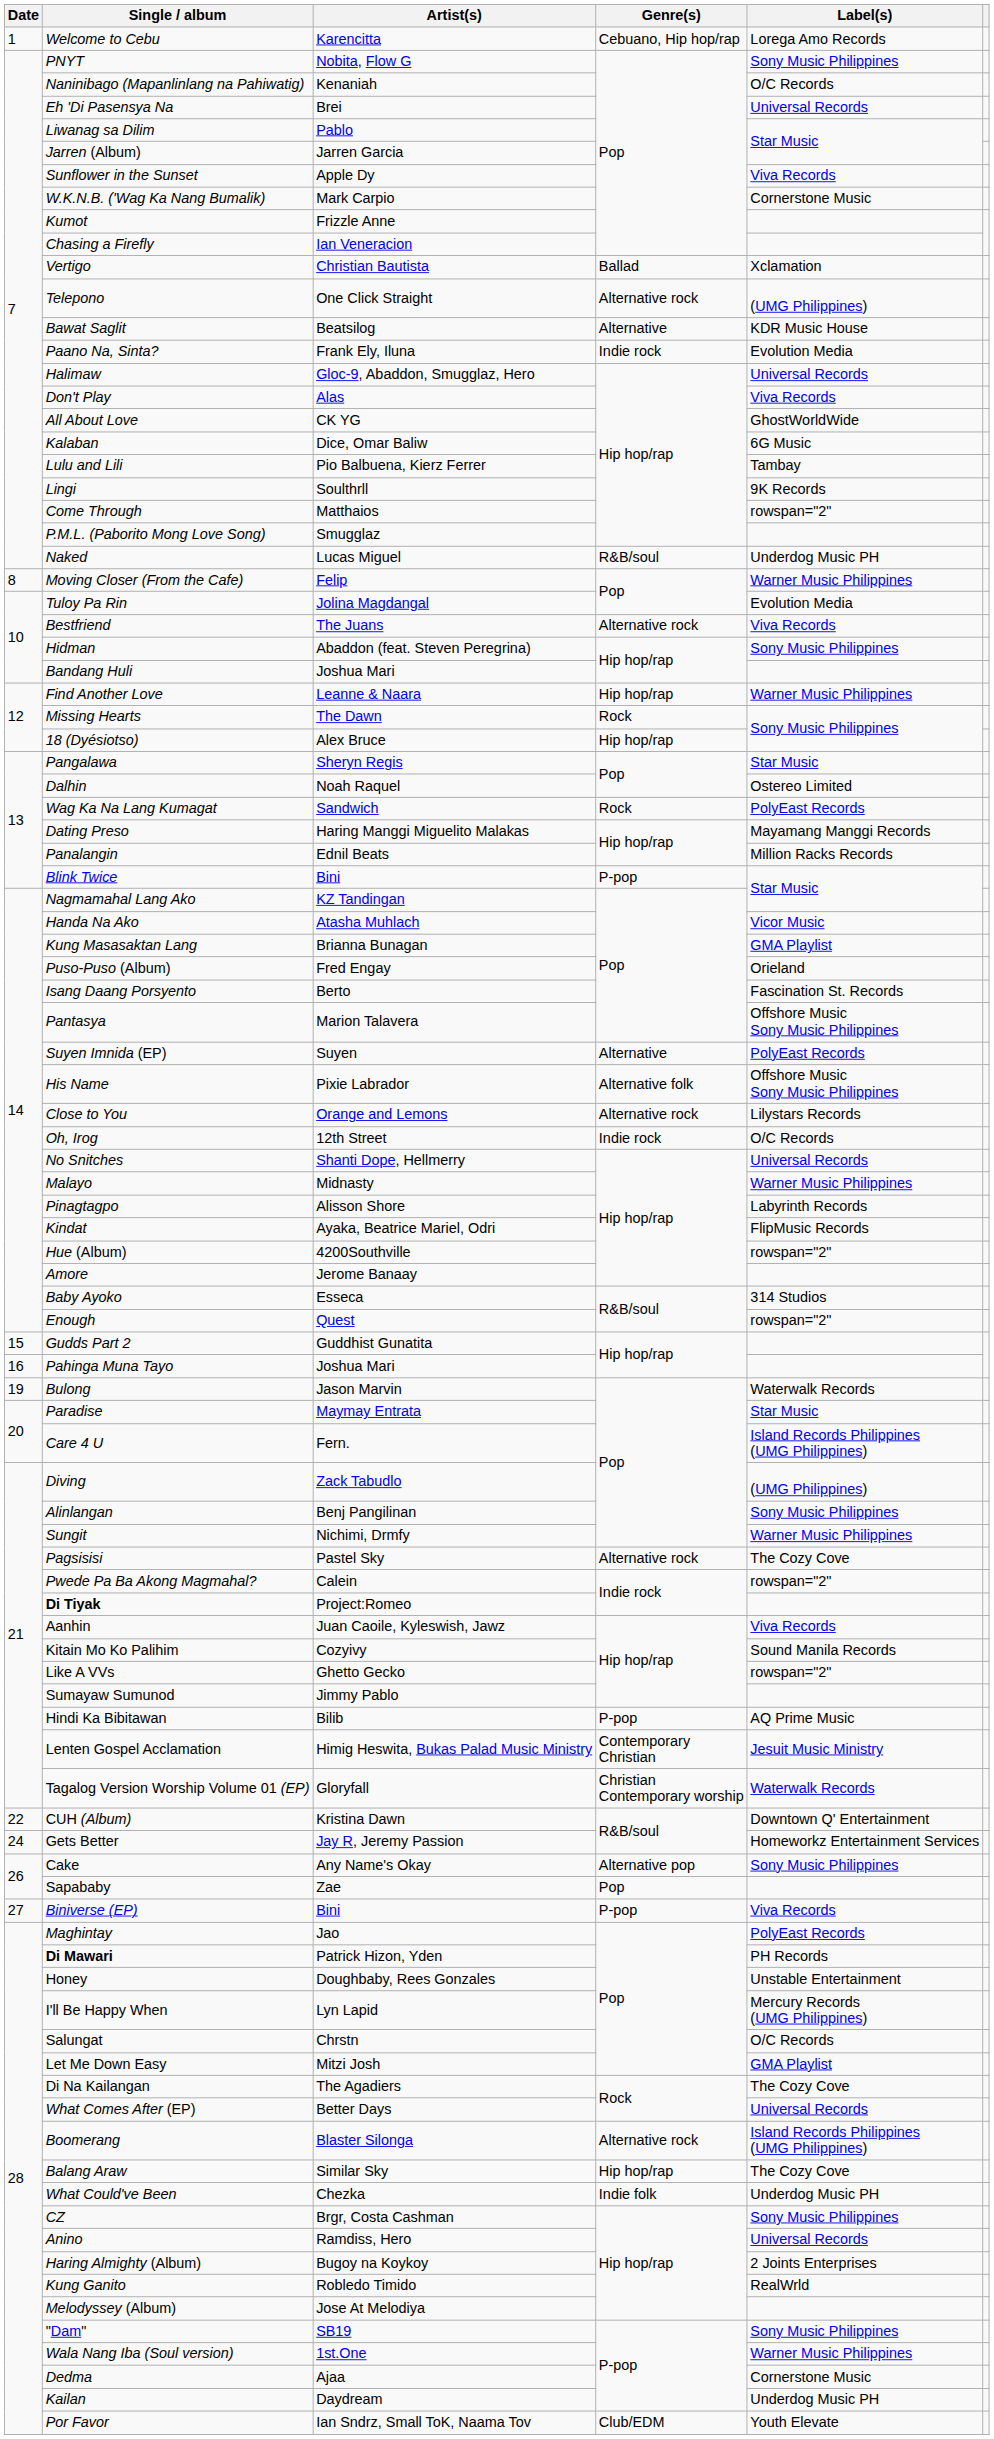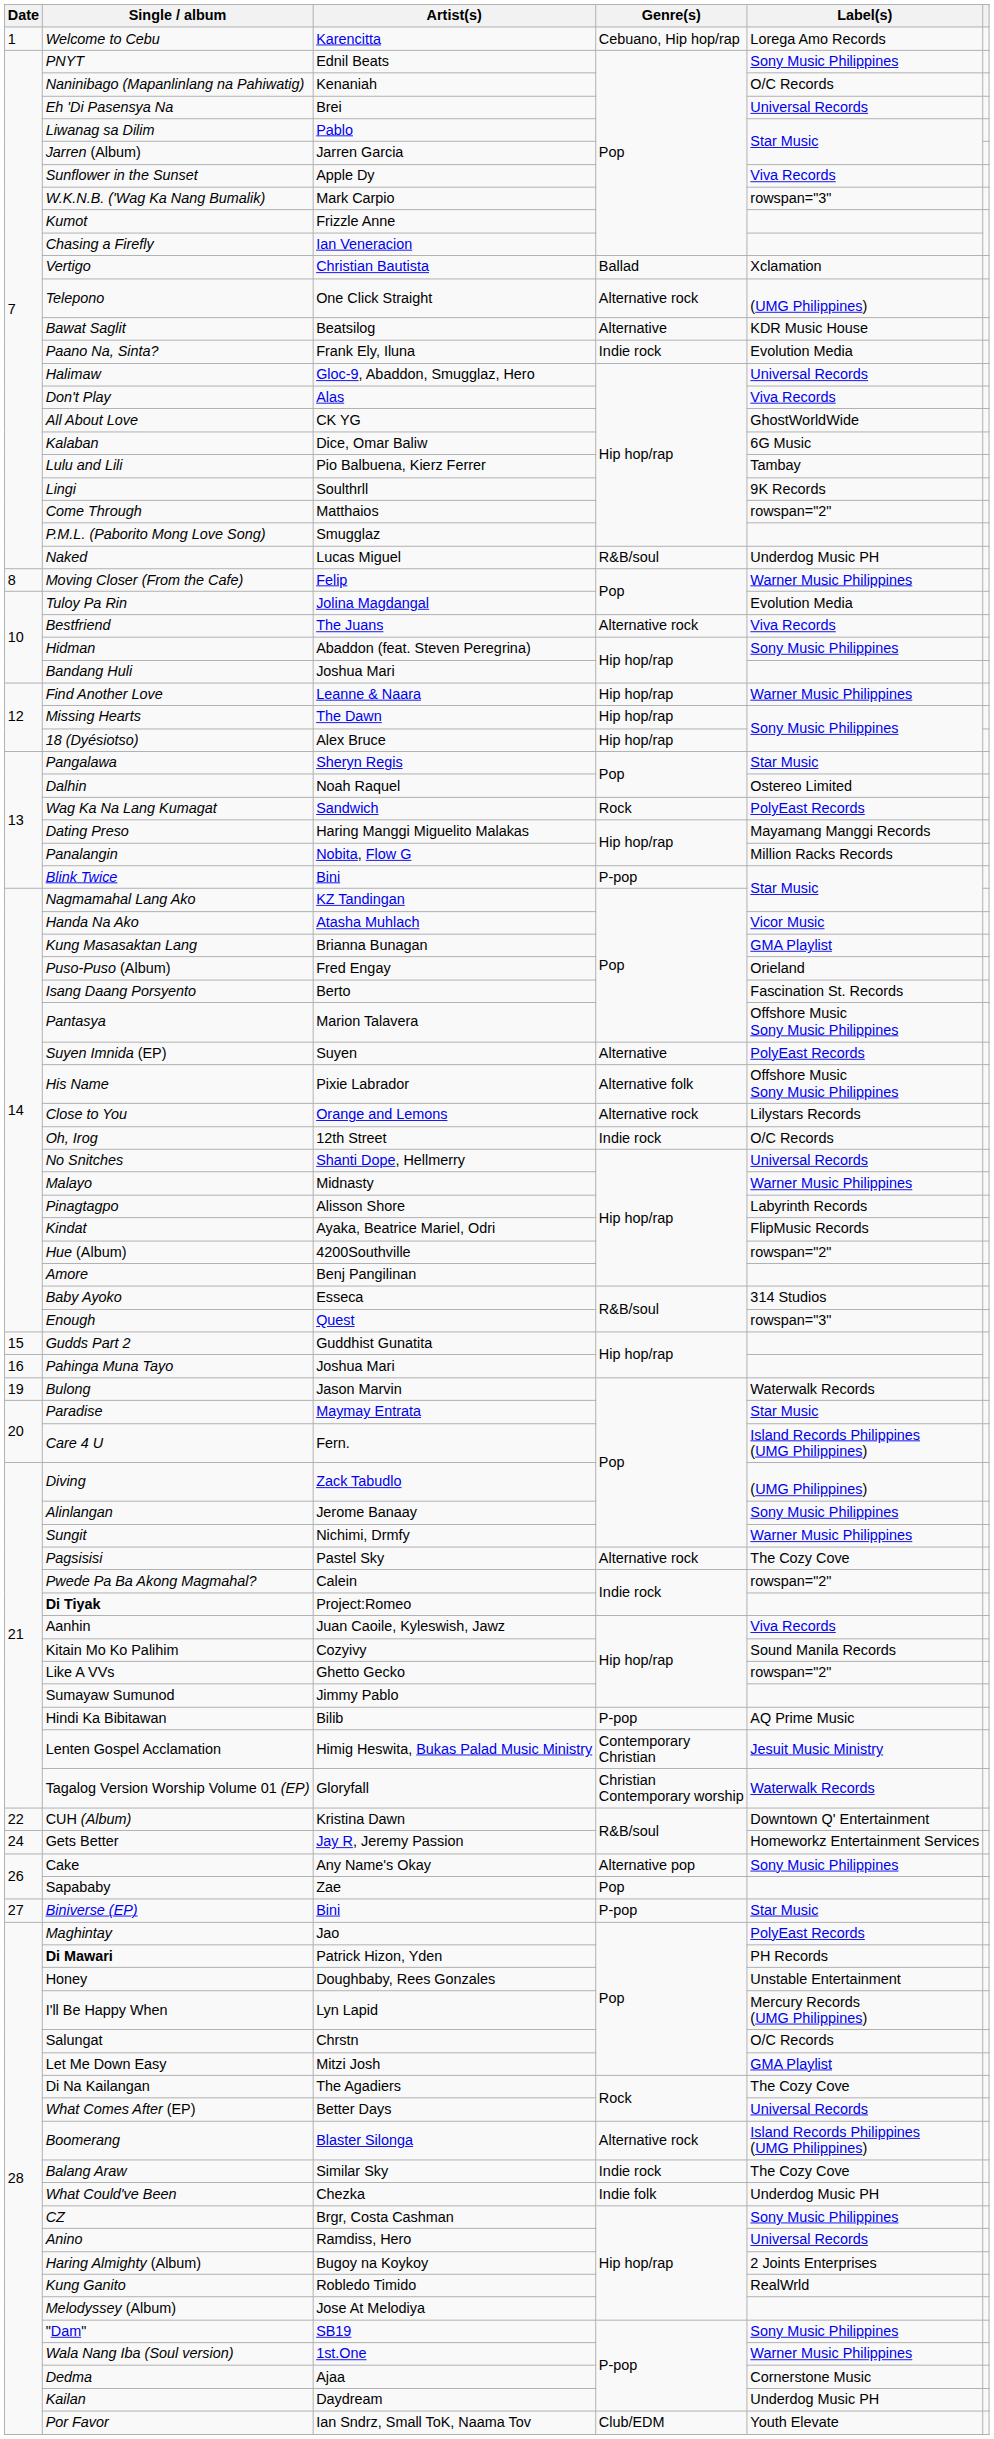 <table class="wikitable">
 <tr>
 <th>Date</th>
 <th>Single / album</th>
 <th>Artist(s)</th>
 <th>Genre(s)</th>
 <th>Label(s)</th>
 <th></th>
 </tr>
 <tr>
 <td>1</td>
 <td><em>Welcome to Cebu</em></td>
 <td><a href='#'>Karencitta</a></td>
 <td>Cebuano, Hip hop/rap</td>
 <td>Lorega Amo Records</td>
 <td></td>
 </tr>
 <tr>
 <td rowspan="22">7</td>
 <td><em>PNYT</em></td>
-<td><a href='#'>Nobita</a>, <a href='#'>Flow G</a></td>
+<td>Ednil Beats</td>
 <td rowspan="9">Pop</td>
 <td><a href='#'>Sony Music Philippines</a></td>
 <td></td>
 </tr>
 <tr>
 <td><em>Naninibago (Mapanlinlang na Pahiwatig)</em></td>
 <td>Kenaniah</td>
 <td>O/C Records</td>
 <td></td>
 </tr>
 <tr>
 <td><em>Eh 'Di Pasensya Na</em></td>
 <td>Brei</td>
 <td><a href='#'>Universal Records</a></td>
 <td></td>
 </tr>
 <tr>
 <td><em>Liwanag sa Dilim</em></td>
 <td><a href='#'>Pablo</a></td>
 <td rowspan="2"><a href='#'>Star Music</a></td>
 <td></td>
 </tr>
 <tr>
 <td><em>Jarren</em> (Album)</td>
 <td>Jarren Garcia</td>
 <td></td>
 </tr>
 <tr>
 <td><em>Sunflower in the Sunset</em></td>
 <td>Apple Dy</td>
 <td><a href='#'>Viva Records</a></td>
 <td></td>
 </tr>
 <tr>
 <td><em>W.K.N.B. ('Wag Ka Nang Bumalik)</em></td>
 <td>Mark Carpio</td>
-<td>Cornerstone Music</td>
+<td>rowspan="3" </td>
 <td></td>
 </tr>
 <tr>
 <td><em>Kumot</em></td>
 <td>Frizzle Anne</td>
 <td></td>
 </tr>
 <tr>
 <td><em>Chasing a Firefly</em></td>
 <td><a href='#'>Ian Veneracion</a></td>
 <td></td>
 </tr>
 <tr>
 <td><em>Vertigo</em></td>
 <td><a href='#'>Christian Bautista</a></td>
 <td>Ballad</td>
 <td>Xclamation</td>
 <td></td>
 </tr>
 <tr>
 <td><em>Telepono</em></td>
 <td>One Click Straight</td>
 <td>Alternative rock</td>
 <td><br>(<a href='#'>UMG Philippines</a>)</td>
 <td></td>
 </tr>
 <tr>
 <td><em>Bawat Saglit</em></td>
 <td>Beatsilog</td>
 <td>Alternative</td>
 <td>KDR Music House</td>
 <td></td>
 </tr>
 <tr>
 <td><em>Paano Na, Sinta?</em></td>
 <td>Frank Ely, Iluna</td>
 <td>Indie rock</td>
 <td>Evolution Media</td>
 <td></td>
 </tr>
 <tr>
 <td><em>Halimaw</em></td>
 <td><a href='#'>Gloc-9</a>, Abaddon, Smugglaz, Hero</td>
 <td rowspan="8">Hip hop/rap</td>
 <td><a href='#'>Universal Records</a></td>
 <td></td>
 </tr>
 <tr>
 <td><em>Don't Play</em></td>
 <td><a href='#'>Alas</a></td>
 <td><a href='#'>Viva Records</a></td>
 <td></td>
 </tr>
 <tr>
 <td><em>All About Love</em></td>
 <td>CK YG</td>
 <td>GhostWorldWide</td>
 <td></td>
 </tr>
 <tr>
 <td><em>Kalaban</em></td>
 <td>Dice, Omar Baliw</td>
 <td>6G Music</td>
 <td></td>
 </tr>
 <tr>
 <td><em>Lulu and Lili</em></td>
 <td>Pio Balbuena, Kierz Ferrer</td>
 <td>Tambay</td>
 <td></td>
 </tr>
 <tr>
 <td><em>Lingi</em></td>
 <td>Soulthrll</td>
 <td>9K Records</td>
 <td></td>
 </tr>
 <tr>
 <td><em>Come Through</em></td>
 <td>Matthaios</td>
 <td>rowspan="2" </td>
 <td></td>
 </tr>
 <tr>
 <td><em>P.M.L. (Paborito Mong Love Song)</em></td>
 <td>Smugglaz</td>
 <td></td>
 </tr>
 <tr>
 <td><em>Naked</em></td>
 <td>Lucas Miguel</td>
 <td>R&B/soul</td>
 <td>Underdog Music PH</td>
 <td></td>
 </tr>
 <tr>
 <td>8</td>
 <td><em>Moving Closer (From the Cafe)</em></td>
 <td><a href='#'>Felip</a></td>
 <td rowspan="2">Pop</td>
 <td><a href='#'>Warner Music Philippines</a></td>
 <td></td>
 </tr>
 <tr>
 <td rowspan="4">10</td>
 <td><em>Tuloy Pa Rin</em></td>
 <td><a href='#'>Jolina Magdangal</a></td>
 <td>Evolution Media</td>
 <td></td>
 </tr>
 <tr>
 <td><em>Bestfriend</em></td>
 <td><a href='#'>The Juans</a></td>
 <td>Alternative rock</td>
 <td><a href='#'>Viva Records</a></td>
 <td></td>
 </tr>
 <tr>
 <td><em>Hidman</em></td>
 <td>Abaddon (feat. Steven Peregrina)</td>
 <td rowspan="2">Hip hop/rap</td>
 <td><a href='#'>Sony Music Philippines</a></td>
 <td></td>
 </tr>
 <tr>
 <td><em>Bandang Huli</em></td>
 <td>Joshua Mari</td>
 <td></td>
 <td></td>
 </tr>
 <tr>
 <td rowspan="3">12</td>
 <td><em>Find Another Love</em></td>
 <td><a href='#'>Leanne & Naara</a></td>
 <td>Hip hop/rap</td>
 <td><a href='#'>Warner Music Philippines</a></td>
 <td></td>
 </tr>
 <tr>
 <td><em>Missing Hearts</em></td>
 <td><a href='#'>The Dawn</a></td>
-<td>Rock</td>
+<td>Hip hop/rap</td>
 <td rowspan="2"><a href='#'>Sony Music Philippines</a></td>
 <td></td>
 </tr>
 <tr>
 <td><em>18 (Dyésiotso)</em></td>
 <td>Alex Bruce</td>
 <td>Hip hop/rap</td>
 <td></td>
 </tr>
 <tr>
 <td rowspan="6">13</td>
 <td><em>Pangalawa</em></td>
 <td><a href='#'>Sheryn Regis</a></td>
 <td rowspan="2">Pop</td>
 <td><a href='#'>Star Music</a></td>
 <td></td>
 </tr>
 <tr>
 <td><em>Dalhin</em></td>
 <td>Noah Raquel</td>
 <td>Ostereo Limited</td>
 <td></td>
 </tr>
 <tr>
 <td><em>Wag Ka Na Lang Kumagat</em></td>
 <td><a href='#'>Sandwich</a></td>
 <td>Rock</td>
 <td><a href='#'>PolyEast Records</a></td>
 <td></td>
 </tr>
 <tr>
 <td><em>Dating Preso</em></td>
 <td>Haring Manggi Miguelito Malakas</td>
 <td rowspan="2">Hip hop/rap</td>
 <td>Mayamang Manggi Records</td>
 <td></td>
 </tr>
 <tr>
 <td><em>Panalangin</em></td>
-<td>Ednil Beats</td>
+<td><a href='#'>Nobita</a>, <a href='#'>Flow G</a></td>
 <td>Million Racks Records</td>
 <td></td>
 </tr>
 <tr>
 <td><em><a href='#'>Blink Twice</a></em></td>
 <td><a href='#'>Bini</a></td>
 <td>P-pop</td>
 <td rowspan="2"><a href='#'>Star Music</a></td>
 <td></td>
 </tr>
 <tr>
 <td rowspan="18">14</td>
 <td><em>Nagmamahal Lang Ako</em></td>
 <td><a href='#'>KZ Tandingan</a></td>
 <td rowspan="6">Pop</td>
 <td></td>
 </tr>
 <tr>
 <td><em>Handa Na Ako</em></td>
 <td><a href='#'>Atasha Muhlach</a></td>
 <td><a href='#'>Vicor Music</a></td>
 <td></td>
 </tr>
 <tr>
 <td><em>Kung Masasaktan Lang</em></td>
 <td>Brianna Bunagan</td>
 <td><a href='#'>GMA Playlist</a></td>
 <td></td>
 </tr>
 <tr>
 <td><em>Puso-Puso</em> (Album)</td>
 <td>Fred Engay</td>
 <td>Orieland</td>
 <td></td>
 </tr>
 <tr>
 <td><em>Isang Daang Porsyento</em></td>
 <td>Berto</td>
 <td>Fascination St. Records</td>
 <td></td>
 </tr>
 <tr>
 <td><em>Pantasya</em></td>
 <td>Marion Talavera</td>
 <td>Offshore Music<br><a href='#'>Sony Music Philippines</a></td>
 <td></td>
 </tr>
 <tr>
 <td><em>Suyen Imnida</em> (EP)</td>
 <td>Suyen</td>
 <td>Alternative</td>
 <td><a href='#'>PolyEast Records</a></td>
 <td></td>
 </tr>
 <tr>
 <td><em>His Name</em></td>
 <td>Pixie Labrador</td>
 <td>Alternative folk</td>
 <td>Offshore Music<br><a href='#'>Sony Music Philippines</a></td>
 <td></td>
 </tr>
 <tr>
 <td><em>Close to You</em></td>
 <td><a href='#'>Orange and Lemons</a></td>
 <td>Alternative rock</td>
 <td>Lilystars Records</td>
 <td></td>
 </tr>
 <tr>
 <td><em>Oh, Irog</em></td>
 <td>12th Street</td>
 <td>Indie rock</td>
 <td>O/C Records</td>
 <td></td>
 </tr>
 <tr>
 <td><em>No Snitches</em></td>
 <td><a href='#'>Shanti Dope</a>, Hellmerry</td>
 <td rowspan="6">Hip hop/rap</td>
 <td><a href='#'>Universal Records</a></td>
 <td></td>
 </tr>
 <tr>
 <td><em>Malayo</em></td>
 <td>Midnasty</td>
 <td><a href='#'>Warner Music Philippines</a></td>
 <td></td>
 </tr>
 <tr>
 <td><em>Pinagtagpo</em></td>
 <td>Alisson Shore</td>
 <td>Labyrinth Records</td>
 <td></td>
 </tr>
 <tr>
 <td><em>Kindat</em></td>
 <td>Ayaka, Beatrice Mariel, Odri</td>
 <td>FlipMusic Records</td>
 <td></td>
 </tr>
 <tr>
 <td><em>Hue</em> (Album)</td>
 <td>4200Southville</td>
 <td>rowspan="2" </td>
 <td></td>
 </tr>
 <tr>
 <td><em>Amore</em></td>
-<td>Jerome Banaay</td>
+<td>Benj Pangilinan</td>
 <td></td>
 </tr>
 <tr>
 <td><em>Baby Ayoko</em></td>
 <td>Esseca</td>
 <td rowspan="2">R&B/soul</td>
 <td>314 Studios</td>
 <td></td>
 </tr>
 <tr>
 <td><em>Enough</em></td>
 <td><a href='#'>Quest</a></td>
-<td>rowspan="2" </td>
+<td>rowspan="3" </td>
 <td></td>
 </tr>
 <tr>
 <td>15</td>
 <td><em>Gudds Part 2</em></td>
 <td>Guddhist Gunatita</td>
 <td rowspan="2">Hip hop/rap</td>
 <td></td>
 </tr>
 <tr>
 <td>16</td>
 <td><em>Pahinga Muna Tayo</em></td>
 <td>Joshua Mari</td>
 <td></td>
 </tr>
 <tr>
 <td>19</td>
 <td><em>Bulong</em></td>
 <td>Jason Marvin</td>
 <td rowspan="6">Pop</td>
 <td>Waterwalk Records</td>
 <td></td>
 </tr>
 <tr>
 <td rowspan="2">20</td>
 <td><em>Paradise</em></td>
 <td><a href='#'>Maymay Entrata</a></td>
 <td><a href='#'>Star Music</a></td>
 <td></td>
 </tr>
 <tr>
 <td><em>Care 4 U</em></td>
 <td>Fern.</td>
 <td><a href='#'>Island Records Philippines</a><br>(<a href='#'>UMG Philippines</a>)</td>
 <td></td>
 </tr>
 <tr>
 <td rowspan="13">21</td>
 <td><em>Diving</em></td>
 <td><a href='#'>Zack Tabudlo</a></td>
 <td><br>(<a href='#'>UMG Philippines</a>)</td>
 <td></td>
 </tr>
 <tr>
 <td><em>Alinlangan</em></td>
-<td>Benj Pangilinan</td>
+<td>Jerome Banaay</td>
 <td><a href='#'>Sony Music Philippines</a></td>
 <td></td>
 </tr>
 <tr>
 <td><em>Sungit</em></td>
 <td>Nichimi, Drmfy</td>
 <td><a href='#'>Warner Music Philippines</a></td>
 <td></td>
 </tr>
 <tr>
 <td><em>Pagsisisi</em></td>
 <td>Pastel Sky</td>
 <td>Alternative rock</td>
 <td>The Cozy Cove</td>
 <td></td>
 </tr>
 <tr>
 <td><em>Pwede Pa Ba Akong Magmahal?</em></td>
 <td>Calein</td>
 <td rowspan="2">Indie rock</td>
 <td>rowspan="2" </td>
 <td></td>
 </tr>
 <tr>
 <td><strong>Di Tiyak<em></td>
 <td>Project:Romeo</td>
 <td></td>
 </tr>
 <tr>
 <td></em>Aanhin<em></td>
 <td>Juan Caoile, Kyleswish, Jawz</td>
 <td rowspan="4">Hip hop/rap</td>
 <td><a href='#'>Viva Records</a></td>
 <td></td>
 </tr>
 <tr>
 <td></em>Kitain Mo Ko Palihim<em></td>
 <td>Cozyivy</td>
 <td>Sound Manila Records</td>
 <td></td>
 </tr>
 <tr>
 <td></em>Like A VVs<em></td>
 <td>Ghetto Gecko</td>
 <td>rowspan="2" </td>
 <td></td>
 </tr>
 <tr>
 <td></em>Sumayaw Sumunod<em></td>
 <td>Jimmy Pablo</td>
 <td></td>
 </tr>
 <tr>
 <td></em>Hindi Ka Bibitawan<em></td>
 <td>Bilib</td>
 <td>P-pop</td>
 <td>AQ Prime Music</td>
 <td></td>
 </tr>
 <tr>
 <td></em>Lenten Gospel Acclamation<em></td>
 <td>Himig Heswita, <a href='#'>Bukas Palad Music Ministry</a></td>
 <td>Contemporary<br>Christian</td>
 <td><a href='#'>Jesuit Music Ministry</a></td>
 <td></td>
 </tr>
 <tr>
 <td></em>Tagalog Version Worship Volume 01<em> (EP)</td>
 <td>Gloryfall</td>
 <td>Christian<br>Contemporary worship</td>
 <td><a href='#'>Waterwalk Records</a></td>
 <td></td>
 </tr>
 <tr>
 <td>22</td>
 <td></em>CUH<em> (Album)</td>
 <td>Kristina Dawn</td>
 <td rowspan="2">R&B/soul</td>
 <td>Downtown Q' Entertainment</td>
 <td></td>
 </tr>
 <tr>
 <td>24</td>
 <td></em>Gets Better<em></td>
 <td><a href='#'>Jay R</a>, Jeremy Passion</td>
 <td>Homeworkz Entertainment Services</td>
 <td></td>
 </tr>
 <tr>
 <td rowspan="2">26</td>
 <td></em>Cake<em></td>
 <td>Any Name's Okay</td>
 <td>Alternative pop</td>
 <td><a href='#'>Sony Music Philippines</a></td>
 <td></td>
 </tr>
 <tr>
 <td></strong>Sapababy</em></td>
 <td>Zae</td>
 <td>Pop</td>
 <td></td>
 <td></td>
 </tr>
 <tr>
 <td>27</td>
 <td><em><a href='#'>Biniverse (EP)</a></em></td>
 <td><a href='#'>Bini</a></td>
 <td>P-pop</td>
-<td><a href='#'>Viva Records</a></td>
+<td><a href='#'>Star Music</a></td>
 <td></td>
 </tr>
 <tr>
 <td rowspan="21">28</td>
 <td><em>Maghintay</em></td>
 <td>Jao</td>
 <td rowspan="6">Pop</td>
 <td><a href='#'>PolyEast Records</a></td>
 <td></td>
 </tr>
 <tr>
 <td><strong>Di Mawari<em></td>
 <td>Patrick Hizon, Yden</td>
 <td>PH Records</td>
 <td></td>
 </tr>
 <tr>
 <td></em>Honey<em></td>
 <td>Doughbaby, Rees Gonzales</td>
 <td>Unstable Entertainment</td>
 <td></td>
 </tr>
 <tr>
 <td></em>I'll Be Happy When<em></td>
 <td>Lyn Lapid</td>
 <td>Mercury Records<br>(<a href='#'>UMG Philippines</a>)</td>
 <td></td>
 </tr>
 <tr>
 <td></em>Salungat<em></td>
 <td>Chrstn</td>
 <td>O/C Records</td>
 <td></td>
 </tr>
 <tr>
 <td></em>Let Me Down Easy<em></td>
 <td>Mitzi Josh</td>
 <td><a href='#'>GMA Playlist</a></td>
 <td></td>
 </tr>
 <tr>
 <td></strong>Di Na Kailangan</em></td>
 <td>The Agadiers</td>
 <td rowspan="2">Rock</td>
 <td>The Cozy Cove</td>
 <td></td>
 </tr>
 <tr>
 <td><em>What Comes After</em> (EP)</td>
 <td>Better Days</td>
 <td><a href='#'>Universal Records</a></td>
 <td></td>
 </tr>
 <tr>
 <td><em>Boomerang</em></td>
 <td><a href='#'>Blaster Silonga</a></td>
 <td>Alternative rock</td>
 <td><a href='#'>Island Records Philippines</a><br>(<a href='#'>UMG Philippines</a>)</td>
 <td></td>
 </tr>
 <tr>
 <td><em>Balang Araw</em></td>
 <td>Similar Sky</td>
-<td>Hip hop/rap</td>
+<td>Indie rock</td>
 <td>The Cozy Cove</td>
 <td></td>
 </tr>
 <tr>
 <td><em>What Could've Been</em></td>
 <td>Chezka</td>
 <td>Indie folk</td>
 <td>Underdog Music PH</td>
 <td></td>
 </tr>
 <tr>
 <td><em>CZ</em></td>
 <td>Brgr, Costa Cashman</td>
 <td rowspan="5">Hip hop/rap</td>
 <td><a href='#'>Sony Music Philippines</a></td>
 <td></td>
 </tr>
 <tr>
 <td><em>Anino</em></td>
 <td>Ramdiss, Hero</td>
 <td><a href='#'>Universal Records</a></td>
 <td></td>
 </tr>
 <tr>
 <td><em>Haring Almighty</em> (Album)</td>
 <td>Bugoy na Koykoy</td>
 <td>2 Joints Enterprises</td>
 <td></td>
 </tr>
 <tr>
 <td><em>Kung Ganito</em></td>
 <td>Robledo Timido</td>
 <td>RealWrld</td>
 <td></td>
 </tr>
 <tr>
 <td><em>Melodyssey</em> (Album)</td>
 <td>Jose At Melodiya</td>
 <td></td>
 <td></td>
 </tr>
 <tr>
 <td>"<a href='#'>Dam</a>"</td>
 <td><a href='#'>SB19</a></td>
 <td rowspan="4">P-pop</td>
 <td><a href='#'>Sony Music Philippines</a></td>
 <td></td>
 </tr>
 <tr>
 <td><em>Wala Nang Iba (Soul version)</em></td>
 <td><a href='#'>1st.One</a></td>
 <td><a href='#'>Warner Music Philippines</a></td>
 <td></td>
 </tr>
 <tr>
 <td><em>Dedma</em></td>
 <td>Ajaa</td>
 <td>Cornerstone Music</td>
 <td></td>
 </tr>
 <tr>
 <td><em>Kailan</em></td>
 <td>Daydream</td>
 <td>Underdog Music PH</td>
 <td></td>
 </tr>
 <tr>
 <td><em>Por Favor</em></td>
 <td>Ian Sndrz, Small ToK, Naama Tov</td>
 <td>Club/EDM</td>
 <td>Youth Elevate</td>
 <td></td>
 </tr>
 </table>
